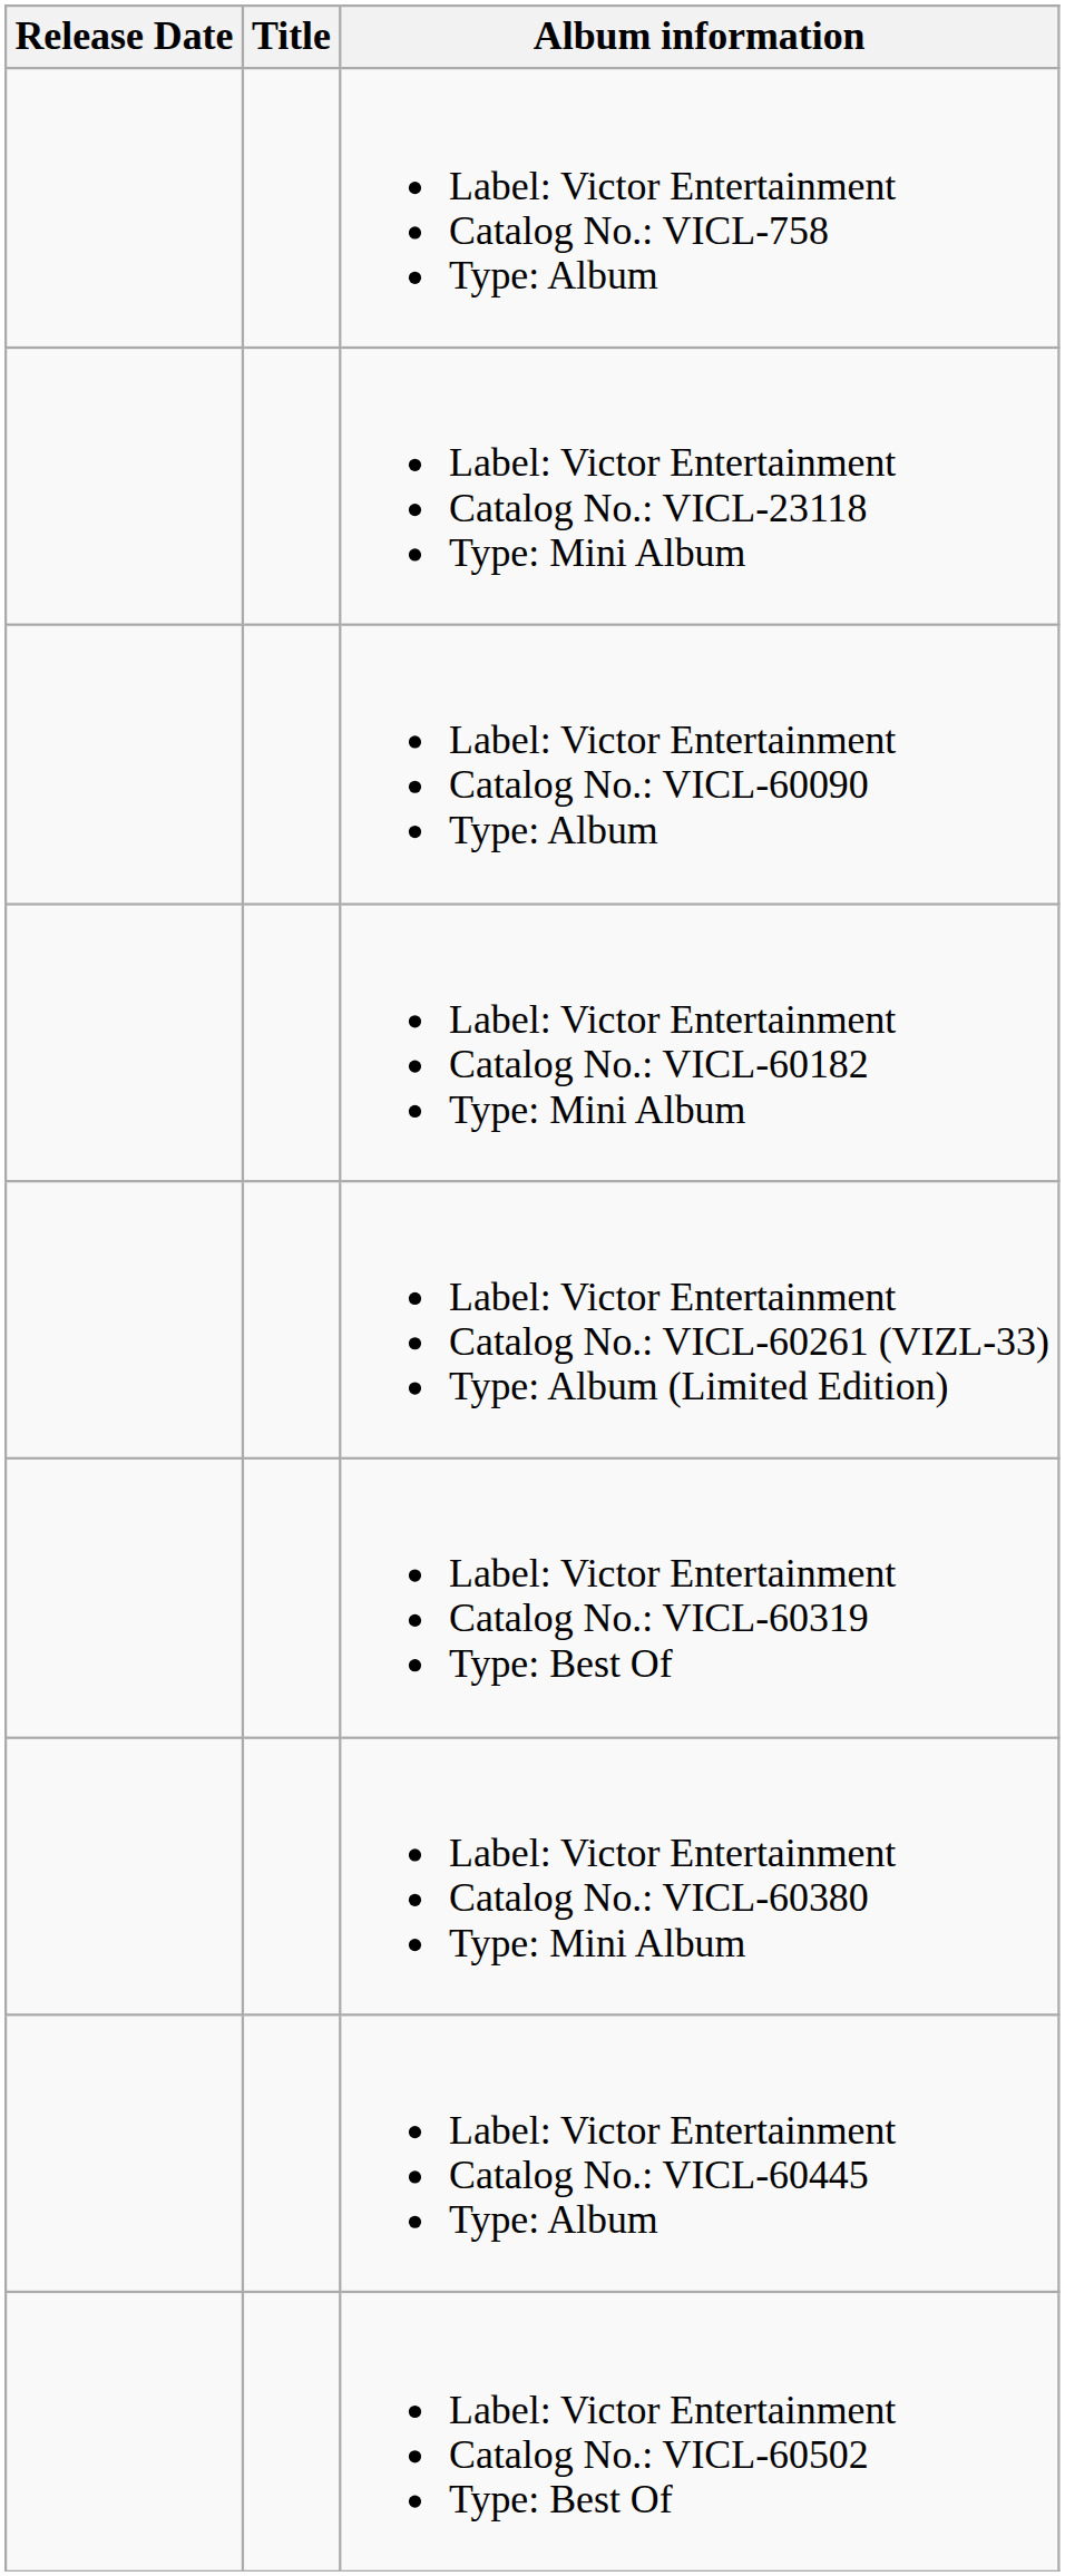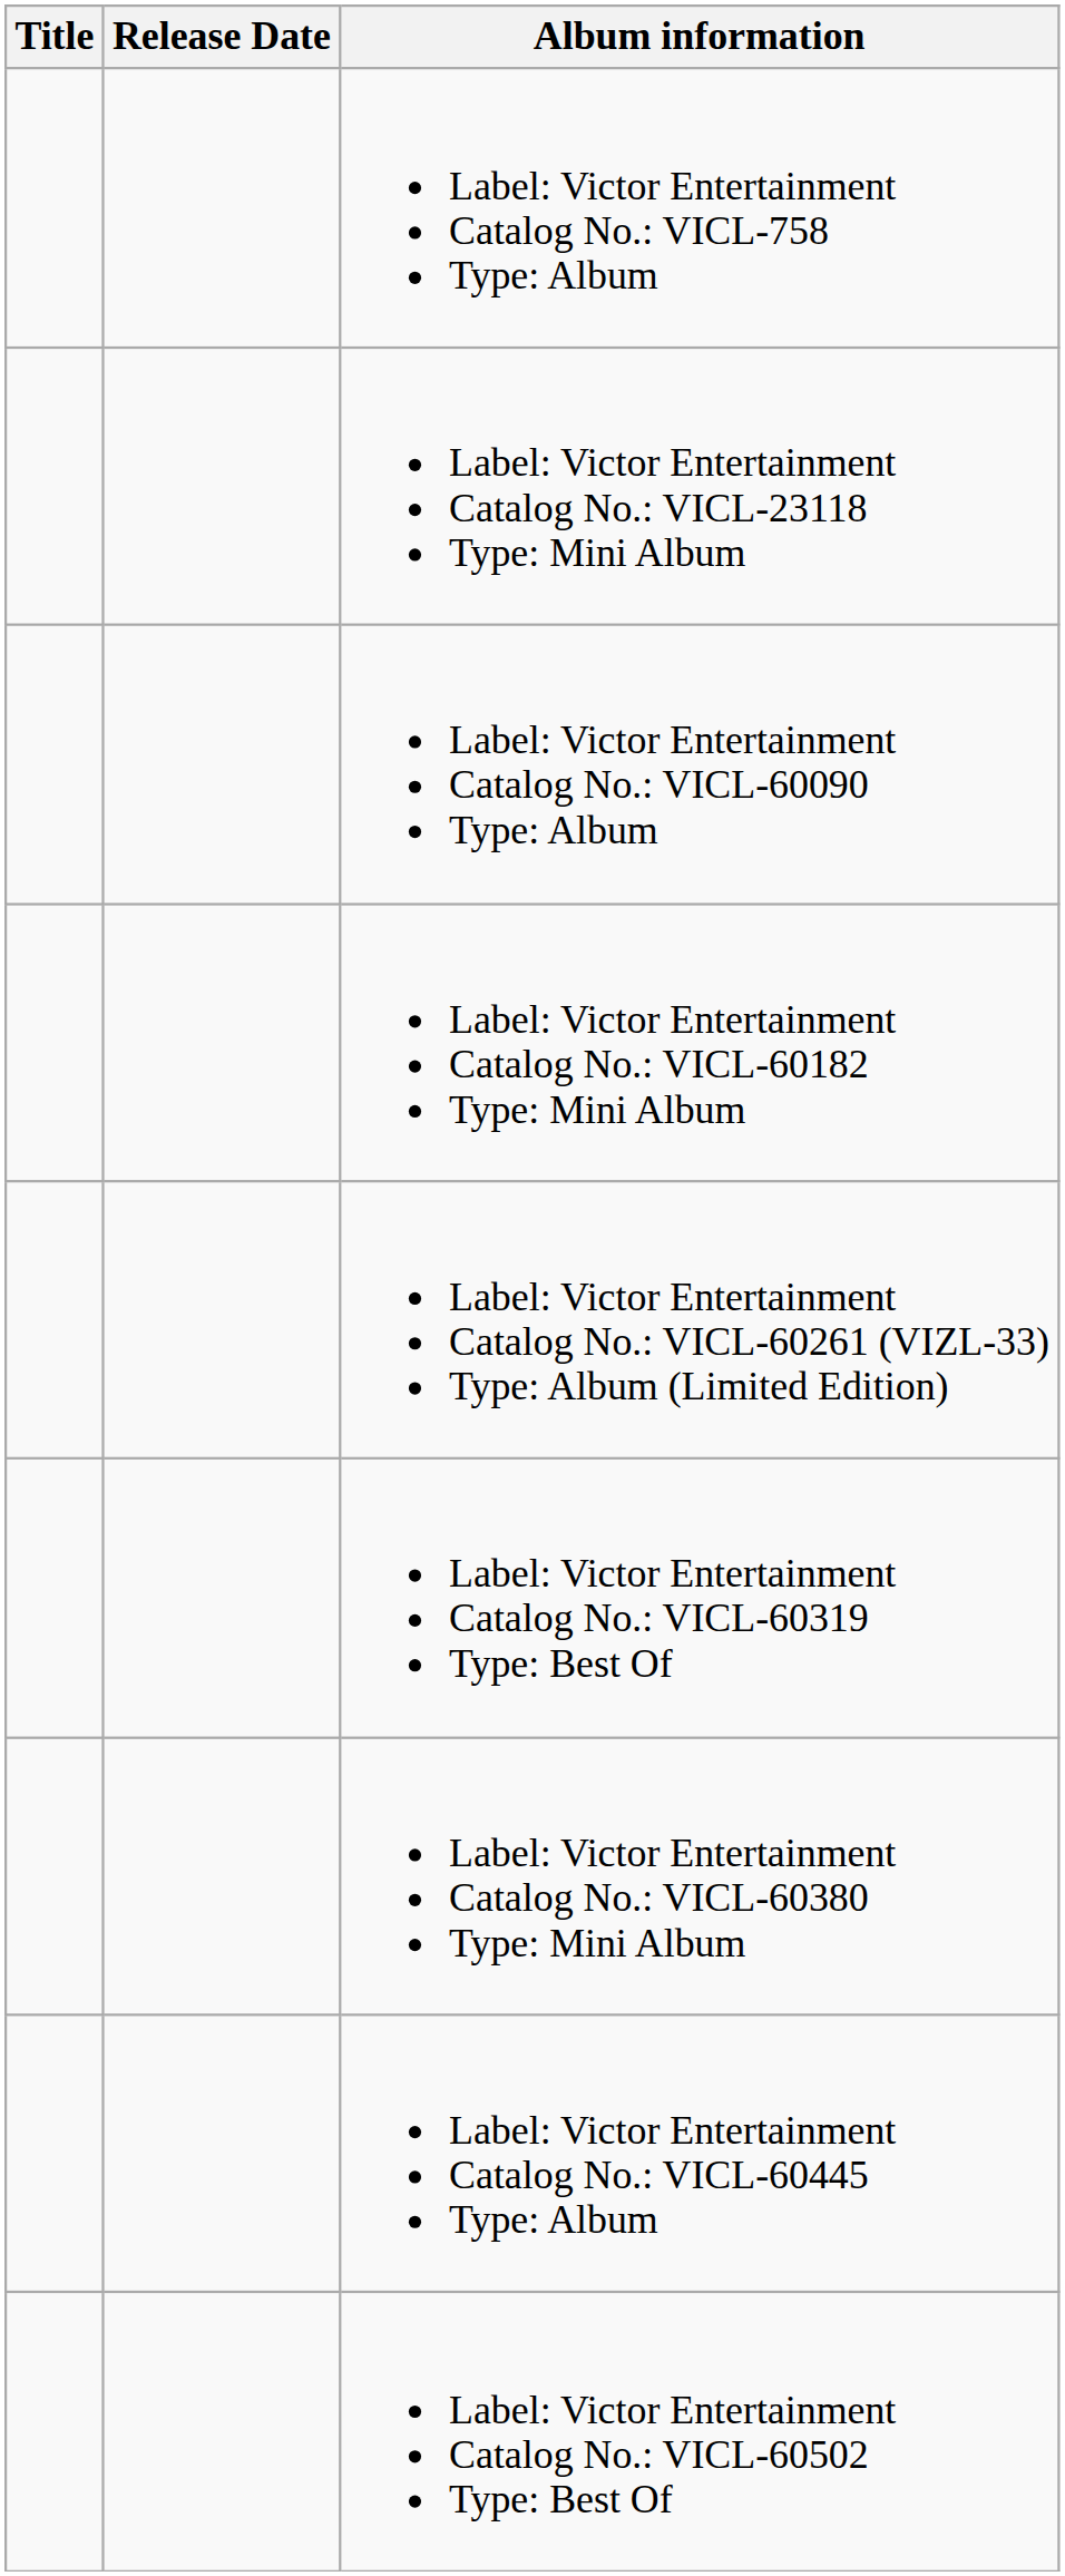 <table class="wikitable plainrowheaders">
 <tr>
+<th>Title</th>
 <th>Release Date</th>
-<th>Title</th>
 <th>Album information</th>
 </tr>
 <tr>
 <td></td>
 <td></td>
 <td><br><ul><li>Label: Victor Entertainment</li><li>Catalog No.: VICL-758</li><li>Type: Album</li></ul></td>
 </tr>
 <tr>
 <td></td>
 <td></td>
 <td><br><ul><li>Label: Victor Entertainment</li><li>Catalog No.: VICL-23118</li><li>Type: Mini Album</li></ul></td>
 </tr>
 <tr>
 <td></td>
 <td></td>
 <td><br><ul><li>Label: Victor Entertainment</li><li>Catalog No.: VICL-60090</li><li>Type: Album</li></ul></td>
 </tr>
 <tr>
 <td></td>
 <td></td>
 <td><br><ul><li>Label: Victor Entertainment</li><li>Catalog No.: VICL-60182</li><li>Type: Mini Album</li></ul></td>
 </tr>
 <tr>
 <td></td>
 <td></td>
 <td><br><ul><li>Label: Victor Entertainment</li><li>Catalog No.: VICL-60261 (VIZL-33)</li><li>Type: Album (Limited Edition)</li></ul></td>
 </tr>
 <tr>
 <td></td>
 <td></td>
 <td><br><ul><li>Label: Victor Entertainment</li><li>Catalog No.: VICL-60319</li><li>Type: Best Of</li></ul></td>
 </tr>
 <tr>
 <td></td>
 <td></td>
 <td><br><ul><li>Label: Victor Entertainment</li><li>Catalog No.: VICL-60380</li><li>Type: Mini Album</li></ul></td>
 </tr>
 <tr>
 <td></td>
 <td></td>
 <td><br><ul><li>Label: Victor Entertainment</li><li>Catalog No.: VICL-60445</li><li>Type: Album</li></ul></td>
 </tr>
 <tr>
 <td></td>
 <td></td>
 <td><br><ul><li>Label: Victor Entertainment</li><li>Catalog No.: VICL-60502</li><li>Type: Best Of</li></ul></td>
 </tr>
 </table>
